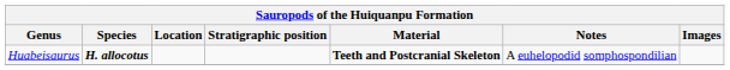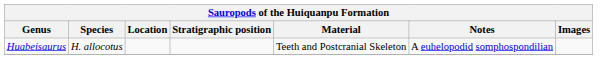 <table class="wikitable" align="center">
 <tr>
 <th colspan="7" align="center"><a href='#'>Sauropods</a> of the Huiquanpu Formation</th>
 </tr>
 <tr>
 <th>Genus</th>
 <th>Species</th>
 <th>Location</th>
 <th>Stratigraphic position</th>
 <th>Material</th>
 <th>Notes</th>
 <th>Images</th>
 </tr>
 <tr>
 <td><em><a href='#'>Huabeisaurus</a></em></td>
-<td><strong><em>H. allocotus</em></strong></td>
+<td><em>H. allocotus</em></td>
 <td></td>
 <td></td>
-<td><strong>Teeth and Postcranial Skeleton</strong></td>
+<td>Teeth and Postcranial Skeleton</td>
 <td>A <a href='#'>euhelopodid</a> <a href='#'>somphospondilian</a></td>
 <td></td>
 </tr>
 <tr>
 </tr>
 </table>
